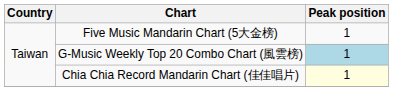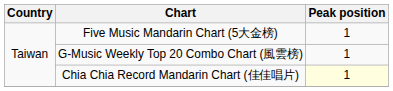 <table class="wikitable" style="text-align:center;">
 <tr>
 <th>Country</th>
 <th>Chart</th>
 <th>Peak position</th>
 </tr>
 <tr>
 <td rowspan="3">Taiwan</td>
 <td>Five Music Mandarin Chart (5大金榜)</td>
 <td style="text-align:center;">1</td>
 </tr>
 <tr>
 <td>G-Music Weekly Top 20 Combo Chart (風雲榜)</td>
-<td style="background: lightblue; text-align:center;">1</td>
+<td style="text-align:center;">1</td>
 </tr>
 <tr>
 <td>Chia Chia Record Mandarin Chart (佳佳唱片)</td>
 <td style="background: lightyellow; text-align:center;">1</td>
 </tr>
 <tr>
 </tr>
 </table>
